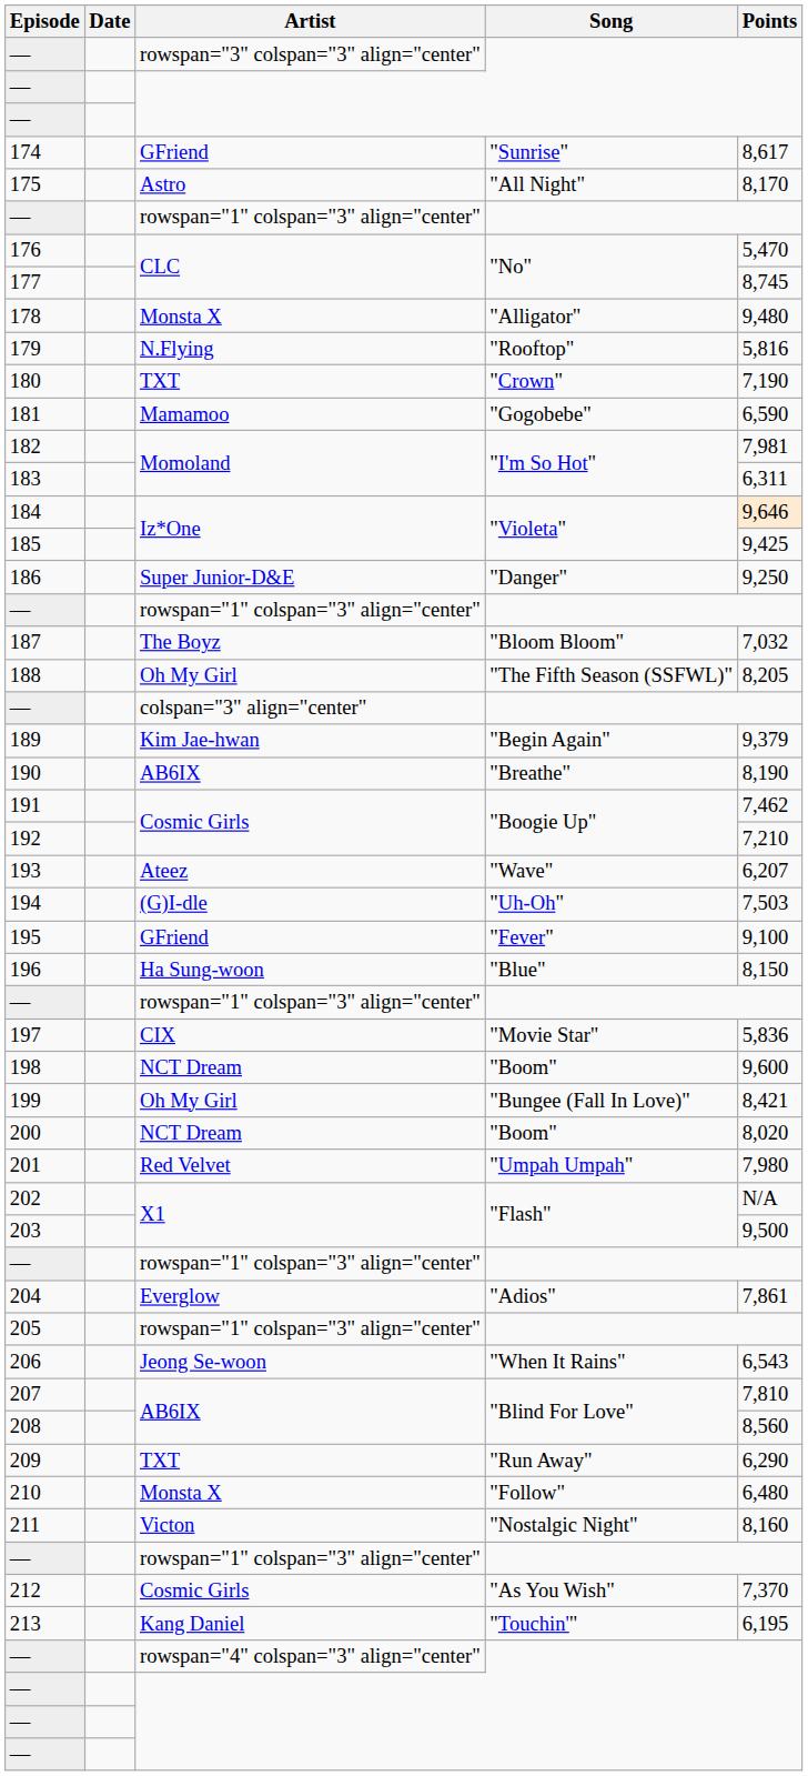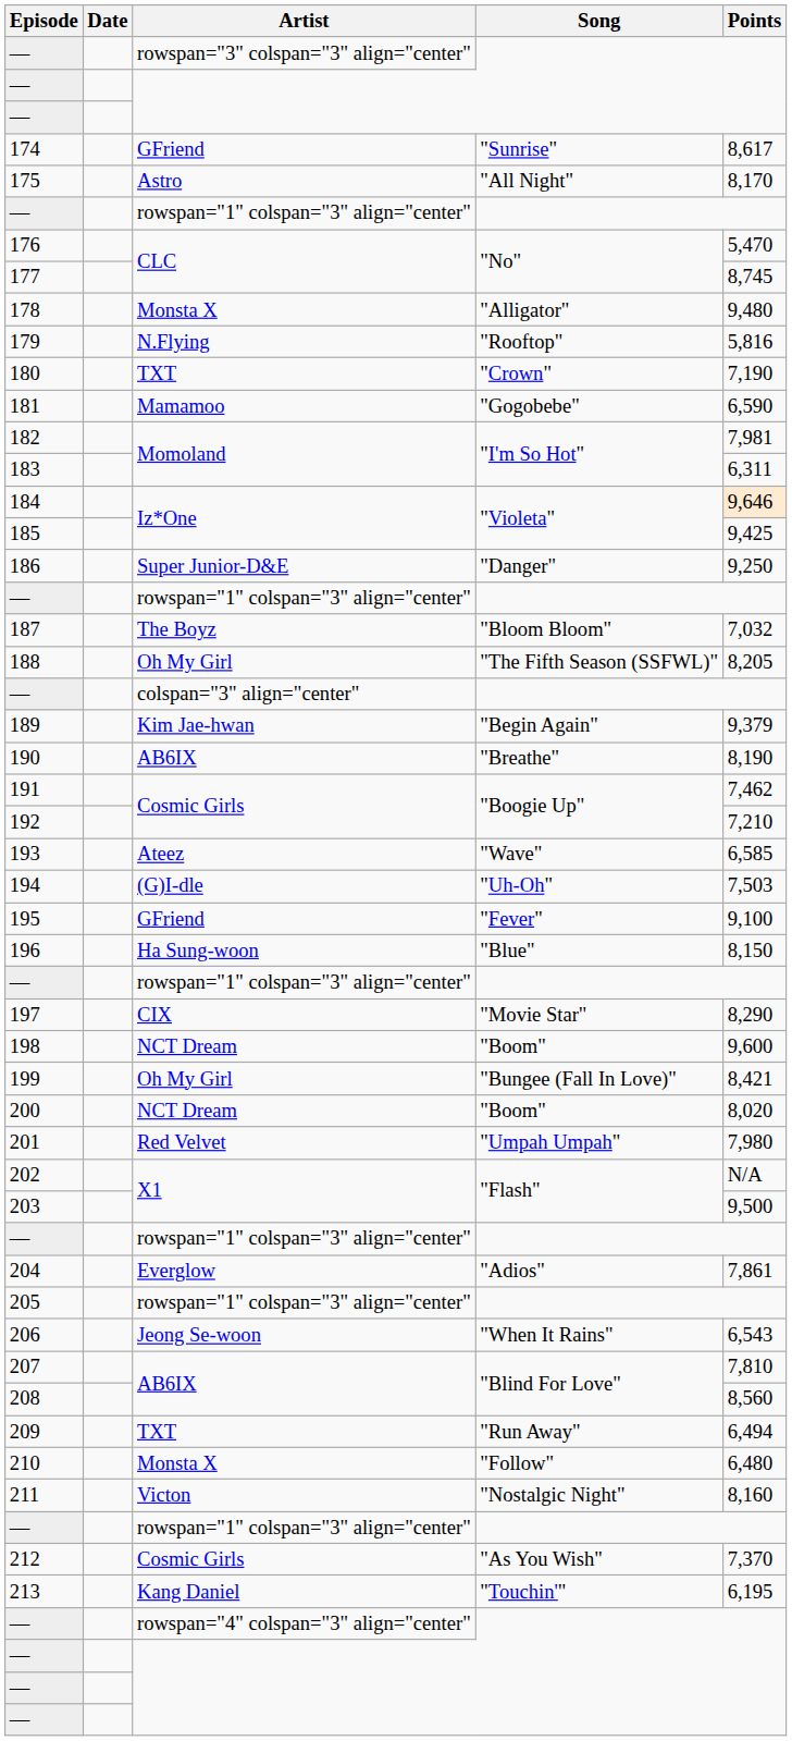 <table class="sortable wikitable">
 <tr>
 <th>Episode</th>
 <th>Date</th>
 <th>Artist</th>
 <th>Song</th>
 <th>Points</th>
 </tr>
 <tr>
 <td style="background: #eee;">—</td>
 <td></td>
 <td>rowspan="3" colspan="3" align="center" </td>
 </tr>
 <tr>
 <td style="background: #eee;">—</td>
 <td></td>
 </tr>
 <tr>
 <td style="background: #eee;">—</td>
 <td></td>
 </tr>
 <tr>
 <td>174</td>
 <td></td>
 <td><a href='#'>GFriend</a></td>
 <td>"<a href='#'>Sunrise</a>"</td>
 <td>8,617</td>
 </tr>
 <tr>
 <td>175</td>
 <td></td>
 <td><a href='#'>Astro</a></td>
 <td>"All Night"</td>
 <td>8,170</td>
 </tr>
 <tr>
 <td style="background: #eee;">—</td>
 <td></td>
 <td>rowspan="1" colspan="3" align="center" </td>
 </tr>
 <tr>
 <td>176</td>
 <td></td>
 <td rowspan="2"><a href='#'>CLC</a></td>
 <td rowspan="2">"No"</td>
 <td>5,470</td>
 </tr>
 <tr>
 <td>177</td>
 <td></td>
 <td>8,745</td>
 </tr>
 <tr>
 <td>178</td>
 <td></td>
 <td><a href='#'>Monsta X</a></td>
 <td>"Alligator"</td>
 <td>9,480</td>
 </tr>
 <tr>
 <td>179</td>
 <td></td>
 <td><a href='#'>N.Flying</a></td>
 <td>"Rooftop"</td>
 <td>5,816</td>
 </tr>
 <tr>
 <td>180</td>
 <td></td>
 <td><a href='#'>TXT</a></td>
 <td>"<a href='#'>Crown</a>"</td>
 <td>7,190</td>
 </tr>
 <tr>
 <td>181</td>
 <td></td>
 <td><a href='#'>Mamamoo</a></td>
 <td>"Gogobebe"</td>
 <td>6,590</td>
 </tr>
 <tr>
 <td>182</td>
 <td></td>
 <td rowspan="2"><a href='#'>Momoland</a></td>
 <td rowspan="2">"<a href='#'>I'm So Hot</a>"</td>
 <td>7,981</td>
 </tr>
 <tr>
 <td>183</td>
 <td></td>
 <td>6,311</td>
 </tr>
 <tr>
 <td>184</td>
 <td></td>
 <td rowspan="2"><a href='#'>Iz*One</a></td>
 <td rowspan="2">"<a href='#'>Violeta</a>"</td>
 <td style='background: #ffebd2;'>9,646</td>
 </tr>
 <tr>
 <td>185</td>
 <td></td>
 <td>9,425</td>
 </tr>
 <tr>
 <td>186</td>
 <td></td>
 <td><a href='#'>Super Junior-D&E</a></td>
 <td>"Danger"</td>
 <td>9,250</td>
 </tr>
 <tr>
 <td style="background: #eee;">—</td>
 <td></td>
 <td>rowspan="1" colspan="3" align="center" </td>
 </tr>
 <tr>
 <td>187</td>
 <td></td>
 <td><a href='#'>The Boyz</a></td>
 <td>"Bloom Bloom"</td>
 <td>7,032</td>
 </tr>
 <tr>
 <td>188</td>
 <td></td>
 <td><a href='#'>Oh My Girl</a></td>
 <td>"The Fifth Season (SSFWL)"</td>
 <td>8,205</td>
 </tr>
 <tr>
 <td style="background: #eee;">—</td>
 <td></td>
 <td>colspan="3" align="center" </td>
 </tr>
 <tr>
 <td>189</td>
 <td></td>
 <td><a href='#'>Kim Jae-hwan</a></td>
 <td>"Begin Again"</td>
 <td>9,379</td>
 </tr>
 <tr>
 <td>190</td>
 <td></td>
 <td><a href='#'>AB6IX</a></td>
 <td>"Breathe"</td>
 <td>8,190</td>
 </tr>
 <tr>
 <td>191</td>
 <td></td>
 <td rowspan="2"><a href='#'>Cosmic Girls</a></td>
 <td rowspan="2">"Boogie Up"</td>
 <td>7,462</td>
 </tr>
 <tr>
 <td>192</td>
 <td></td>
 <td>7,210</td>
 </tr>
 <tr>
 <td>193</td>
 <td></td>
 <td><a href='#'>Ateez</a></td>
 <td>"Wave"</td>
-<td>6,207</td>
+<td>6,585</td>
 </tr>
 <tr>
 <td>194</td>
 <td></td>
 <td><a href='#'>(G)I-dle</a></td>
 <td>"<a href='#'>Uh-Oh</a>"</td>
 <td>7,503</td>
 </tr>
 <tr>
 <td>195</td>
 <td></td>
 <td><a href='#'>GFriend</a></td>
 <td>"<a href='#'>Fever</a>"</td>
 <td>9,100</td>
 </tr>
 <tr>
 <td>196</td>
 <td></td>
 <td><a href='#'>Ha Sung-woon</a></td>
 <td>"Blue"</td>
 <td>8,150</td>
 </tr>
 <tr>
 <td style="background: #eee;">—</td>
 <td></td>
 <td>rowspan="1" colspan="3" align="center" </td>
 </tr>
 <tr>
 <td>197</td>
 <td></td>
 <td><a href='#'>CIX</a></td>
 <td>"Movie Star"</td>
-<td>5,836</td>
+<td>8,290</td>
 </tr>
 <tr>
 <td>198</td>
 <td></td>
 <td><a href='#'>NCT Dream</a></td>
 <td>"Boom"</td>
 <td>9,600</td>
 </tr>
 <tr>
 <td>199</td>
 <td></td>
 <td><a href='#'>Oh My Girl</a></td>
 <td>"Bungee (Fall In Love)"</td>
 <td>8,421</td>
 </tr>
 <tr>
 <td>200</td>
 <td></td>
 <td><a href='#'>NCT Dream</a></td>
 <td>"Boom"</td>
 <td>8,020</td>
 </tr>
 <tr>
 <td>201</td>
 <td></td>
 <td><a href='#'>Red Velvet</a></td>
 <td>"<a href='#'>Umpah Umpah</a>"</td>
 <td>7,980</td>
 </tr>
 <tr>
 <td>202</td>
 <td></td>
 <td rowspan="2"><a href='#'>X1</a></td>
 <td rowspan="2">"Flash"</td>
 <td>N/A</td>
 </tr>
 <tr>
 <td>203</td>
 <td></td>
 <td>9,500</td>
 </tr>
 <tr>
 <td style="background: #eee;">—</td>
 <td></td>
 <td>rowspan="1" colspan="3" align="center" </td>
 </tr>
 <tr>
 <td>204</td>
 <td></td>
 <td><a href='#'>Everglow</a></td>
 <td>"Adios"</td>
 <td>7,861</td>
 </tr>
 <tr>
 <td>205</td>
 <td></td>
 <td>rowspan="1" colspan="3" align="center" </td>
 </tr>
 <tr>
 <td>206</td>
 <td></td>
 <td><a href='#'>Jeong Se-woon</a></td>
 <td>"When It Rains"</td>
 <td>6,543</td>
 </tr>
 <tr>
 <td>207</td>
 <td></td>
 <td rowspan="2"><a href='#'>AB6IX</a></td>
 <td rowspan="2">"Blind For Love"</td>
 <td>7,810</td>
 </tr>
 <tr>
 <td>208</td>
 <td></td>
 <td>8,560</td>
 </tr>
 <tr>
 <td>209</td>
 <td></td>
 <td><a href='#'>TXT</a></td>
 <td>"Run Away"</td>
-<td>6,290</td>
+<td>6,494</td>
 </tr>
 <tr>
 <td>210</td>
 <td></td>
 <td><a href='#'>Monsta X</a></td>
 <td>"Follow"</td>
 <td>6,480</td>
 </tr>
 <tr>
 <td>211</td>
 <td></td>
 <td><a href='#'>Victon</a></td>
 <td>"Nostalgic Night"</td>
 <td>8,160</td>
 </tr>
 <tr>
 <td style="background: #eee;">—</td>
 <td></td>
 <td>rowspan="1" colspan="3" align="center" </td>
 </tr>
 <tr>
 <td>212</td>
 <td></td>
 <td><a href='#'>Cosmic Girls</a></td>
 <td>"As You Wish"</td>
 <td>7,370</td>
 </tr>
 <tr>
 <td>213</td>
 <td></td>
 <td><a href='#'>Kang Daniel</a></td>
 <td>"<a href='#'>Touchin'</a>"</td>
 <td>6,195</td>
 </tr>
 <tr>
 <td style="background: #eee;">—</td>
 <td></td>
 <td>rowspan="4" colspan="3" align="center" </td>
 </tr>
 <tr>
 <td style="background: #eee;">—</td>
 <td></td>
 </tr>
 <tr>
 <td style="background: #eee;">—</td>
 <td></td>
 </tr>
 <tr>
 <td style="background: #eee;">—</td>
 <td></td>
 </tr>
 </table>
